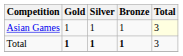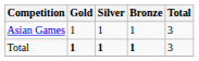 <table class="wikitable sortable">
 <tr>
 <th>Competition</th>
 <th>Gold</th>
 <th>Silver</th>
 <th>Bronze</th>
 <th>Total</th>
 </tr>
 <tr>
 <td><a href='#'>Asian Games</a></td>
 <td>1</td>
 <td>1</td>
 <td>1</td>
-<td style="background: lightyellow;">3</td>
+<td>3</td>
 </tr>
 <tr>
 <td>Total</td>
 <td><strong>1</strong></td>
 <td><strong>1</strong></td>
 <td><strong>1</strong></td>
 <td>3</td>
 </tr>
 <tr>
 </tr>
 </table>
